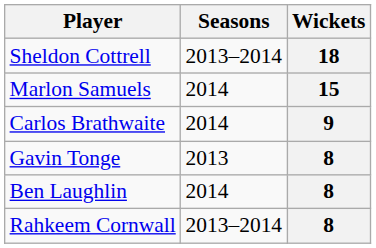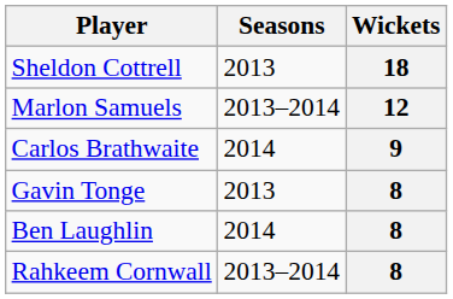 <table class="wikitable">
 <tr>
 <th>Player</th>
 <th>Seasons</th>
 <th>Wickets</th>
 </tr>
 <tr>
 <td><a href='#'>Sheldon Cottrell</a></td>
-<td>2013–2014</td>
+<td>2013</td>
 <th>18</th>
 </tr>
 <tr>
 <td><a href='#'>Marlon Samuels</a></td>
-<td>2014</td>
-<th>15</th>
+<td>2013–2014</td>
+<th>12</th>
 </tr>
 <tr>
 <td><a href='#'>Carlos Brathwaite</a></td>
 <td>2014</td>
 <th>9</th>
 </tr>
 <tr>
 <td><a href='#'>Gavin Tonge</a></td>
 <td>2013</td>
 <th>8</th>
 </tr>
 <tr>
 <td><a href='#'>Ben Laughlin</a></td>
 <td>2014</td>
 <th>8</th>
 </tr>
 <tr>
 <td><a href='#'>Rahkeem Cornwall</a></td>
 <td>2013–2014</td>
 <th>8</th>
 </tr>
 </table>
